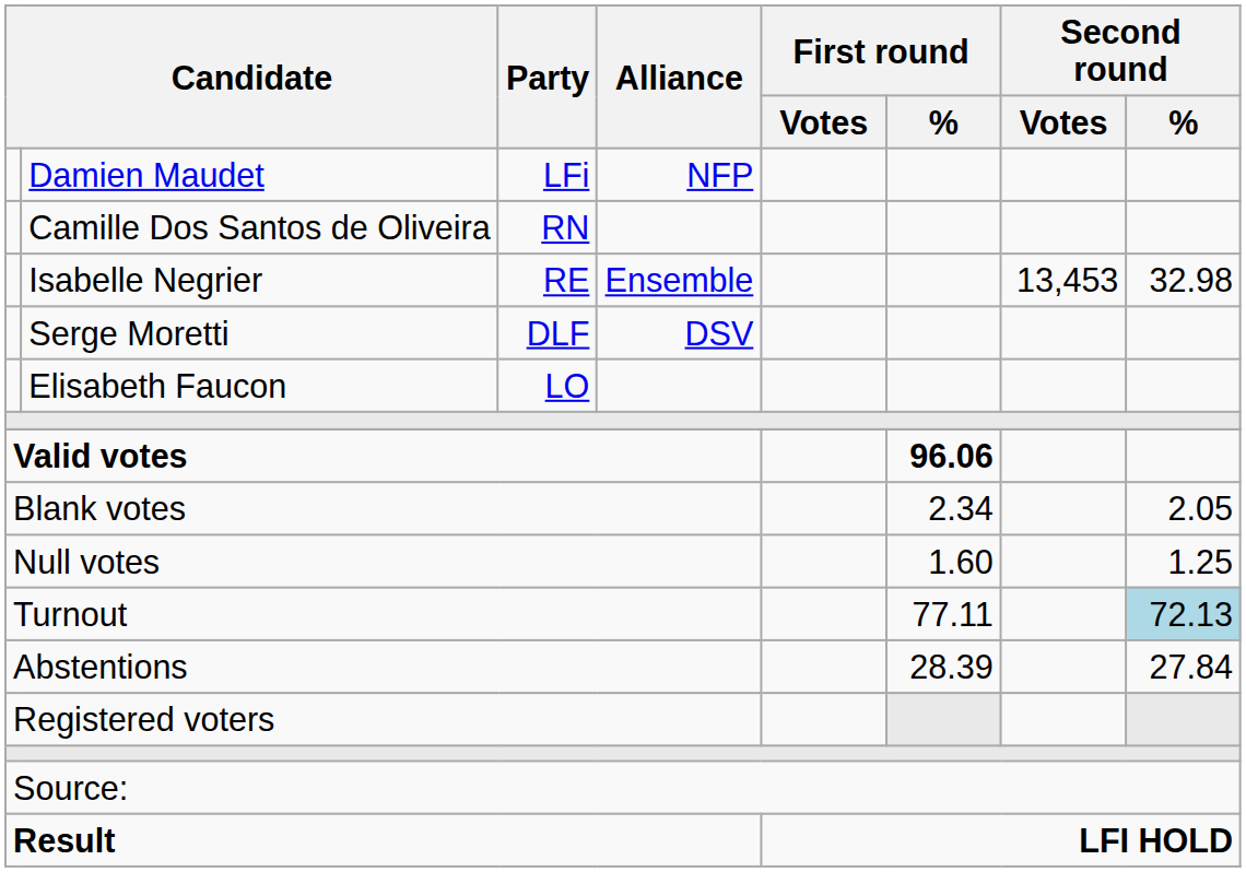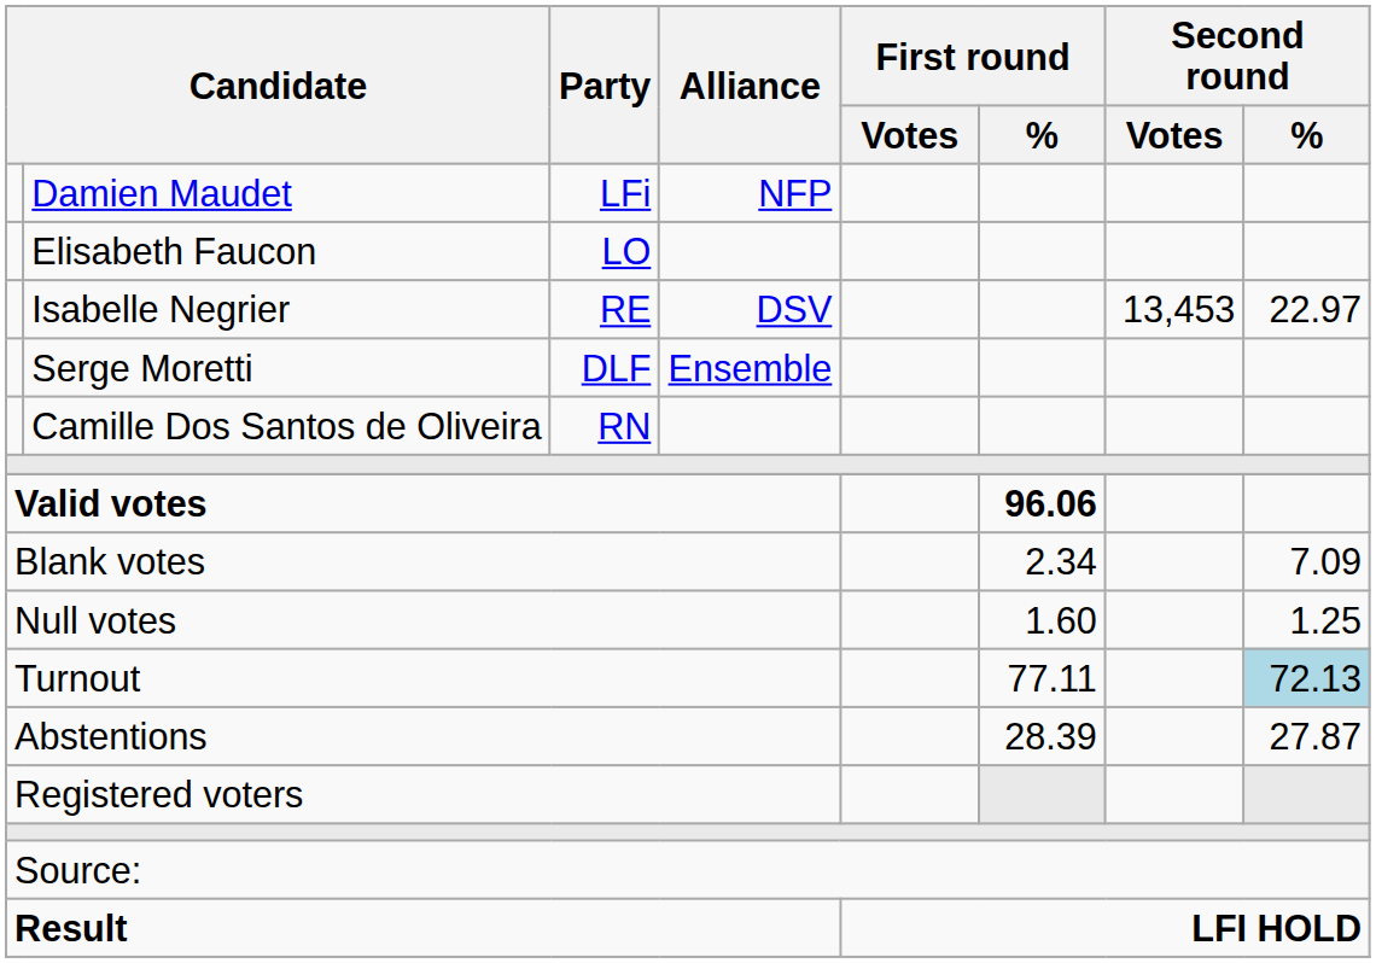 <table class="wikitable" style="text-align:right;font-size:95%;">
 <tr>
 <th colspan="2" rowspan="2">Candidate</th>
 <th colspan="1" rowspan="2">Party</th>
 <th colspan="1" rowspan="2">Alliance</th>
 <th colspan="2">First round</th>
 <th colspan="2">Second round</th>
 </tr>
 <tr>
 <th style="width:50px;">Votes</th>
 <th style="width:45px;">%</th>
 <th style="width:50px;">Votes</th>
 <th style="width:45px;">%</th>
 </tr>
 <tr>
 <td style="color:inherit;background:"></td>
 <td style="text-align:left;"><a href='#'>Damien Maudet</a></td>
 <td><a href='#'>LFi</a></td>
 <td><a href='#'>NFP</a></td>
 <td></td>
 <td></td>
 <td><strong></strong></td>
 <td><strong></strong></td>
 </tr>
 <tr>
 <td style="color:inherit;background:"></td>
-<td style="text-align:left;">Camille Dos Santos de Oliveira</td>
-<td><a href='#'>RN</a></td>
+<td style="text-align:left;">Elisabeth Faucon</td>
+<td><a href='#'>LO</a></td>
 <td></td>
 <td></td>
 <td></td>
 <td></td>
 <td></td>
 </tr>
 <tr>
 <td style="color:inherit;background:"></td>
 <td style="text-align:left;">Isabelle Negrier</td>
 <td><a href='#'>RE</a></td>
-<td><a href='#'>Ensemble</a></td>
+<td><a href='#'>DSV</a></td>
 <td></td>
 <td></td>
 <td>13,453</td>
-<td>32.98</td>
+<td>22.97</td>
 </tr>
 <tr>
 <td style="color:inherit;background:"></td>
 <td style="text-align:left;">Serge Moretti</td>
 <td><a href='#'>DLF</a></td>
-<td><a href='#'>DSV</a></td>
+<td><a href='#'>Ensemble</a></td>
 <td></td>
 <td></td>
 <td></td>
 <td></td>
 </tr>
 <tr>
 <td style="color:inherit;background:"></td>
-<td style="text-align:left;">Elisabeth Faucon</td>
-<td><a href='#'>LO</a></td>
+<td style="text-align:left;">Camille Dos Santos de Oliveira</td>
+<td><a href='#'>RN</a></td>
 <td></td>
 <td></td>
 <td></td>
 <td></td>
 <td></td>
 </tr>
 <tr>
 <td colspan="8" style="background:#E9E9E9;"></td>
 </tr>
 <tr>
 </tr>
 <tr style="font-weight:bold;">
 <td colspan="4" style="text-align:left;">Valid votes</td>
 <td></td>
 <td>96.06</td>
 <td></td>
 <td></td>
 </tr>
 <tr>
 <td colspan="4" style="text-align:left;">Blank votes</td>
 <td></td>
 <td>2.34</td>
 <td></td>
-<td>2.05</td>
+<td>7.09</td>
 </tr>
 <tr>
 <td colspan="4" style="text-align:left;">Null votes</td>
 <td></td>
 <td>1.60</td>
 <td></td>
 <td>1.25</td>
 </tr>
 <tr>
 <td colspan="4" style="text-align:left;">Turnout</td>
 <td></td>
 <td>77.11</td>
 <td></td>
 <td style="background: lightblue;">72.13</td>
 </tr>
 <tr>
 <td colspan="4" style="text-align:left;">Abstentions</td>
 <td></td>
 <td>28.39</td>
 <td></td>
-<td>27.84</td>
+<td>27.87</td>
 </tr>
 <tr>
 <td colspan="4" style="text-align:left;">Registered voters</td>
 <td></td>
 <td style="background:#E9E9E9;"></td>
 <td></td>
 <td style="background:#E9E9E9;"></td>
 </tr>
 <tr>
 <td colspan="8" style="background:#E9E9E9;"></td>
 </tr>
 <tr>
 <td colspan="8" style="text-align:left;">Source: </td>
 </tr>
 <tr style="font-weight:bold">
 <td colspan="4" style="text-align:left;">Result</td>
 <td colspan="4" style="background-color:">LFI HOLD</td>
 </tr>
 </table>
